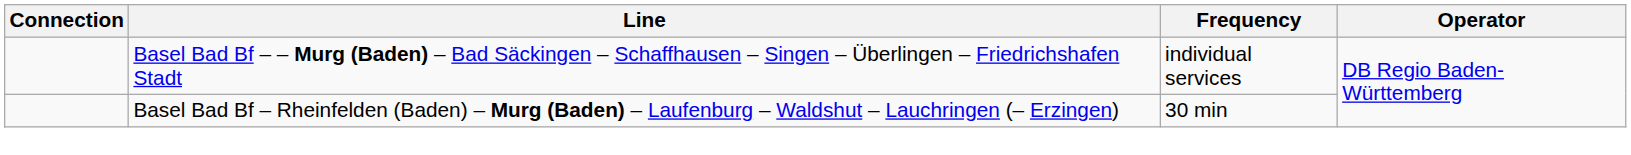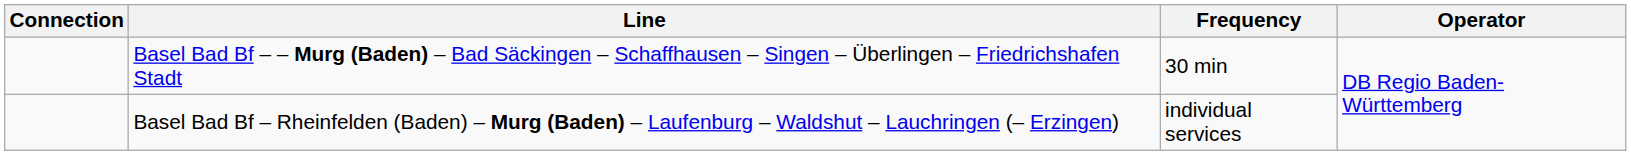 <table class="wikitable">
 <tr>
 <th>Connection</th>
 <th>Line</th>
 <th>Frequency</th>
 <th>Operator</th>
 </tr>
 <tr>
 <td align="center"></td>
 <td><a href='#'>Basel Bad Bf</a> –  – <strong>Murg (Baden)</strong> – <a href='#'>Bad Säckingen</a> – <a href='#'>Schaffhausen</a> – <a href='#'>Singen</a> – Überlingen – <a href='#'>Friedrichshafen Stadt</a></td>
-<td>individual services</td>
+<td>30 min</td>
 <td rowspan="2"><a href='#'>DB Regio Baden-Württemberg</a></td>
 </tr>
 <tr>
 <td align="center"></td>
 <td>Basel Bad Bf – Rheinfelden (Baden) – <strong>Murg (Baden)</strong> – <a href='#'>Laufenburg</a> – <a href='#'>Waldshut</a> – <a href='#'>Lauchringen</a> (– <a href='#'>Erzingen</a>)</td>
-<td>30 min</td>
+<td>individual services</td>
 </tr>
 </table>
